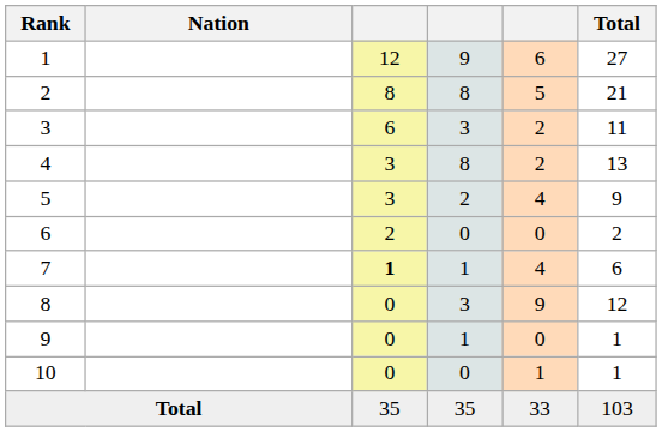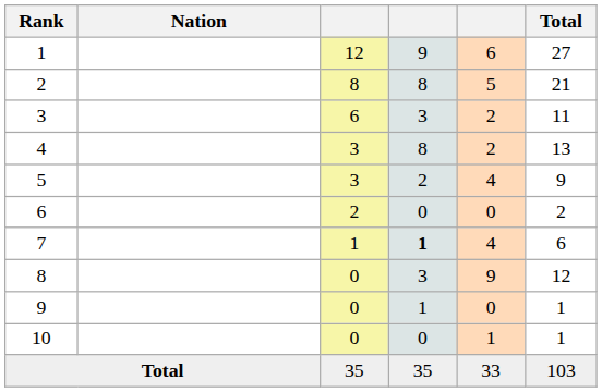 <table class=wikitable width=35% cellspacing="1" cellpadding="3" style="border:1px solid #AAAAAA;font-size:90%">
 <tr bgcolor="#EFEFEF">
 <th width=50>Rank</th>
 <th width=200>Nation</th>
 <th width=50></th>
 <th width=50></th>
 <th width=50></th>
 <th width=50>Total</th>
 </tr>
 <tr align="center" valign="top" bgcolor="#FFFFFF">
 <td rowspan="1" valign="center">1</td>
 <td align="left"></td>
 <td style="background:#F7F6A8;">12</td>
 <td style="background:#DCE5E5;">9</td>
 <td style="background:#FFDAB9;">6</td>
 <td>27</td>
 </tr>
 <tr align="center" valign="top" bgcolor="#FFFFFF">
 <td rowspan="1" valign="center">2</td>
 <td align="left"></td>
 <td style="background:#F7F6A8;">8</td>
 <td style="background:#DCE5E5;">8</td>
 <td style="background:#FFDAB9;">5</td>
 <td>21</td>
 </tr>
 <tr align="center" valign="top" bgcolor="#FFFFFF">
 <td rowspan="1" valign="center">3</td>
 <td align="left"></td>
 <td style="background:#F7F6A8;">6</td>
 <td style="background:#DCE5E5;">3</td>
 <td style="background:#FFDAB9;">2</td>
 <td>11</td>
 </tr>
 <tr align="center" valign="top" bgcolor="#FFFFFF">
 <td rowspan="1" valign="center">4</td>
 <td align="left"></td>
 <td style="background:#F7F6A8;">3</td>
 <td style="background:#DCE5E5;">8</td>
 <td style="background:#FFDAB9;">2</td>
 <td>13</td>
 </tr>
 <tr align="center" valign="top" bgcolor="#FFFFFF">
 <td rowspan="1" valign="center">5</td>
 <td align="left"></td>
 <td style="background:#F7F6A8;">3</td>
 <td style="background:#DCE5E5;">2</td>
 <td style="background:#FFDAB9;">4</td>
 <td>9</td>
 </tr>
 <tr align="center" valign="top" bgcolor="#FFFFFF">
 <td rowspan="1" valign="center">6</td>
 <td align="left"></td>
 <td style="background:#F7F6A8;">2</td>
 <td style="background:#DCE5E5;">0</td>
 <td style="background:#FFDAB9;">0</td>
 <td>2</td>
 </tr>
 <tr align="center" valign="top" bgcolor="#FFFFFF">
 <td rowspan="1" valign="center">7</td>
 <td align="left"></td>
-<td style="background:#F7F6A8;"><strong>1</strong></td>
-<td style="background:#DCE5E5;">1</td>
+<td style="background:#F7F6A8;">1</td>
+<td style="background:#DCE5E5;"><strong>1</strong></td>
 <td style="background:#FFDAB9;">4</td>
 <td>6</td>
 </tr>
 <tr align="center" valign="top" bgcolor="#FFFFFF">
 <td rowspan="1" valign="center">8</td>
 <td align="left"></td>
 <td style="background:#F7F6A8;">0</td>
 <td style="background:#DCE5E5;">3</td>
 <td style="background:#FFDAB9;">9</td>
 <td>12</td>
 </tr>
 <tr align="center" valign="top" bgcolor="#FFFFFF">
 <td rowspan="1" valign="center">9</td>
 <td align="left"></td>
 <td style="background:#F7F6A8;">0</td>
 <td style="background:#DCE5E5;">1</td>
 <td style="background:#FFDAB9;">0</td>
 <td>1</td>
 </tr>
 <tr align="center" valign="top" bgcolor="#FFFFFF">
 <td rowspan="1" valign="center">10</td>
 <td align="left"></td>
 <td style="background:#F7F6A8;">0</td>
 <td style="background:#DCE5E5;">0</td>
 <td style="background:#FFDAB9;">1</td>
 <td>1</td>
 </tr>
 <tr align="center" valign="top" bgcolor="#EFEFEF">
 <td colspan="2" rowspan="1" valign="center"><strong>Total</strong></td>
 <td>35</td>
 <td>35</td>
 <td>33</td>
 <td>103</td>
 </tr>
 </table>
